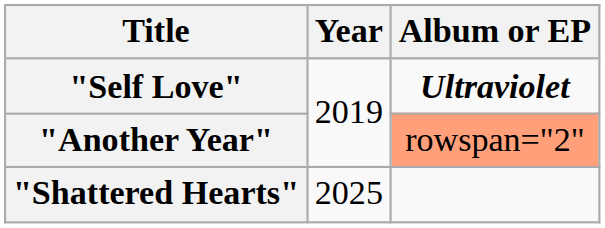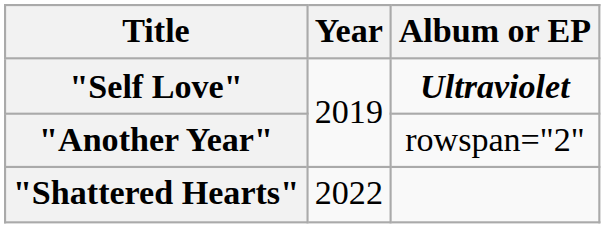 <table class="wikitable plainrowheaders" style="text-align:center;">
 <tr>
 <th scope="col">Title</th>
 <th scope="col">Year</th>
 <th scope="col">Album or EP</th>
 </tr>
 <tr>
 <th scope="row">"Self Love"<br></th>
 <td rowspan="2">2019</td>
 <td><strong><em>Ultraviolet</em></strong></td>
 </tr>
 <tr>
 <th scope="row">"Another Year"<br></th>
-<td style="background: lightsalmon;">rowspan="2" </td>
+<td>rowspan="2" </td>
 </tr>
 <tr>
 <th scope="row">"Shattered Hearts"<br></th>
-<td>2025</td>
+<td>2022</td>
 </tr>
 </table>
